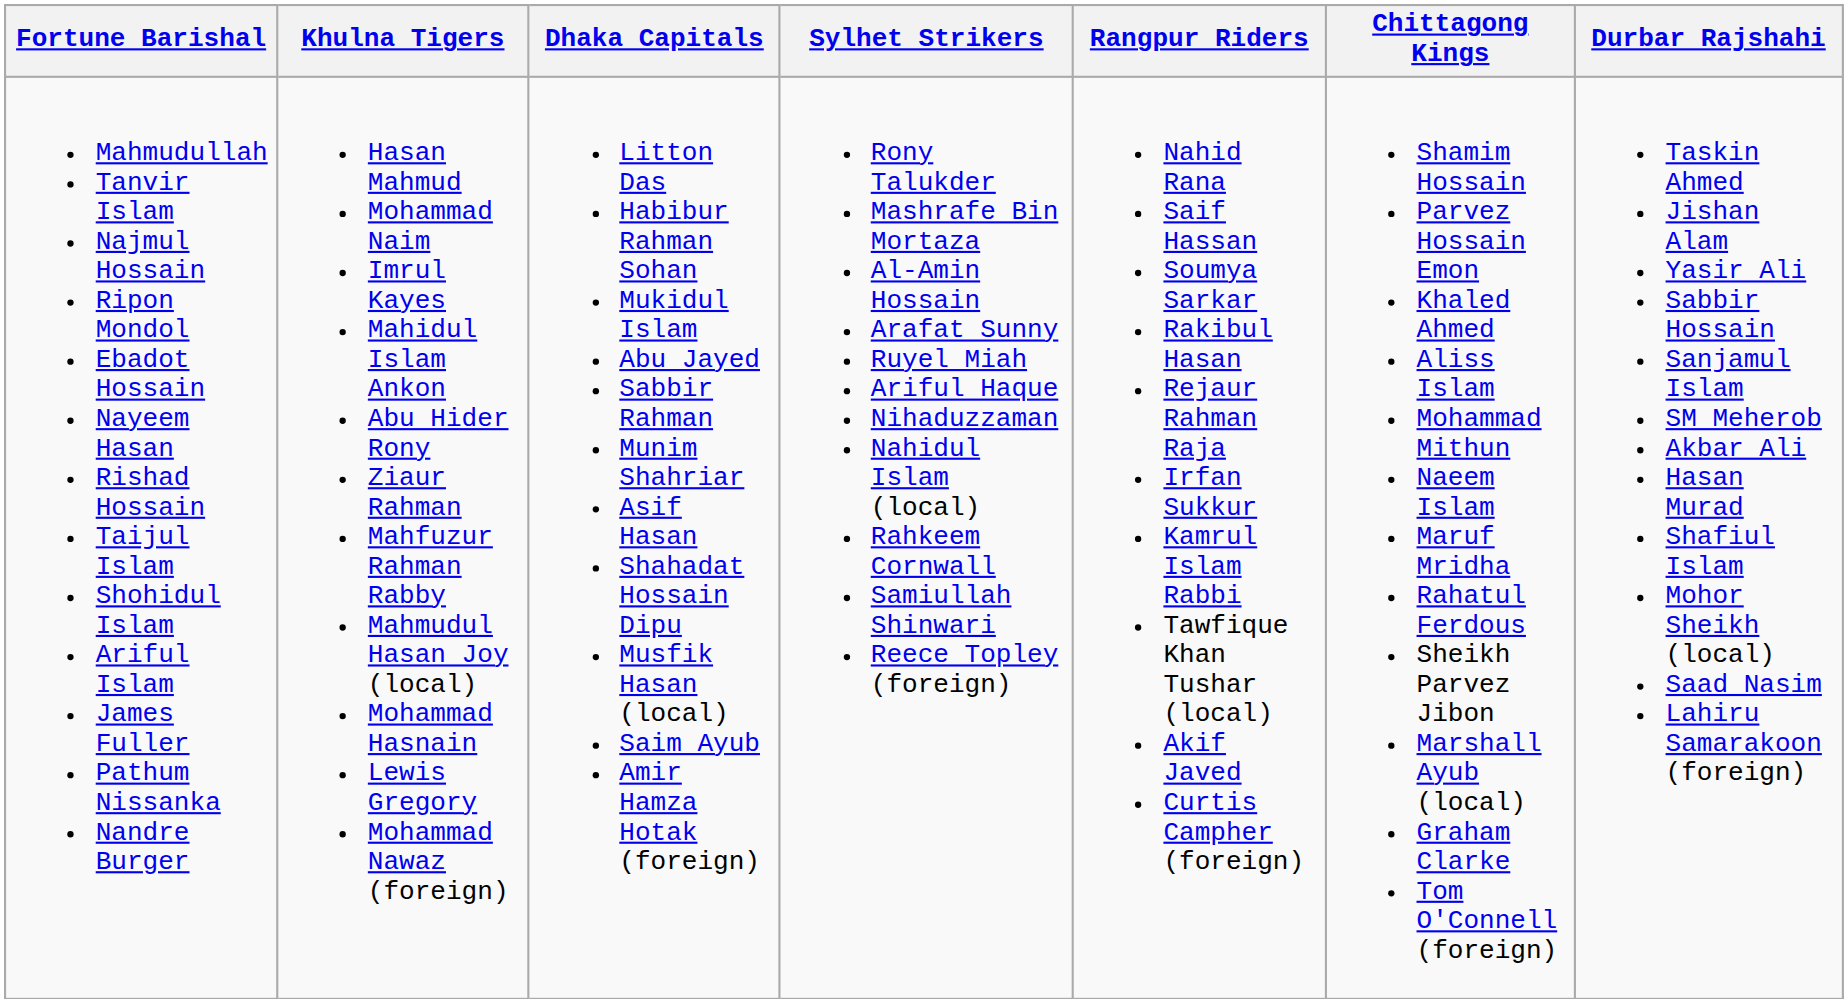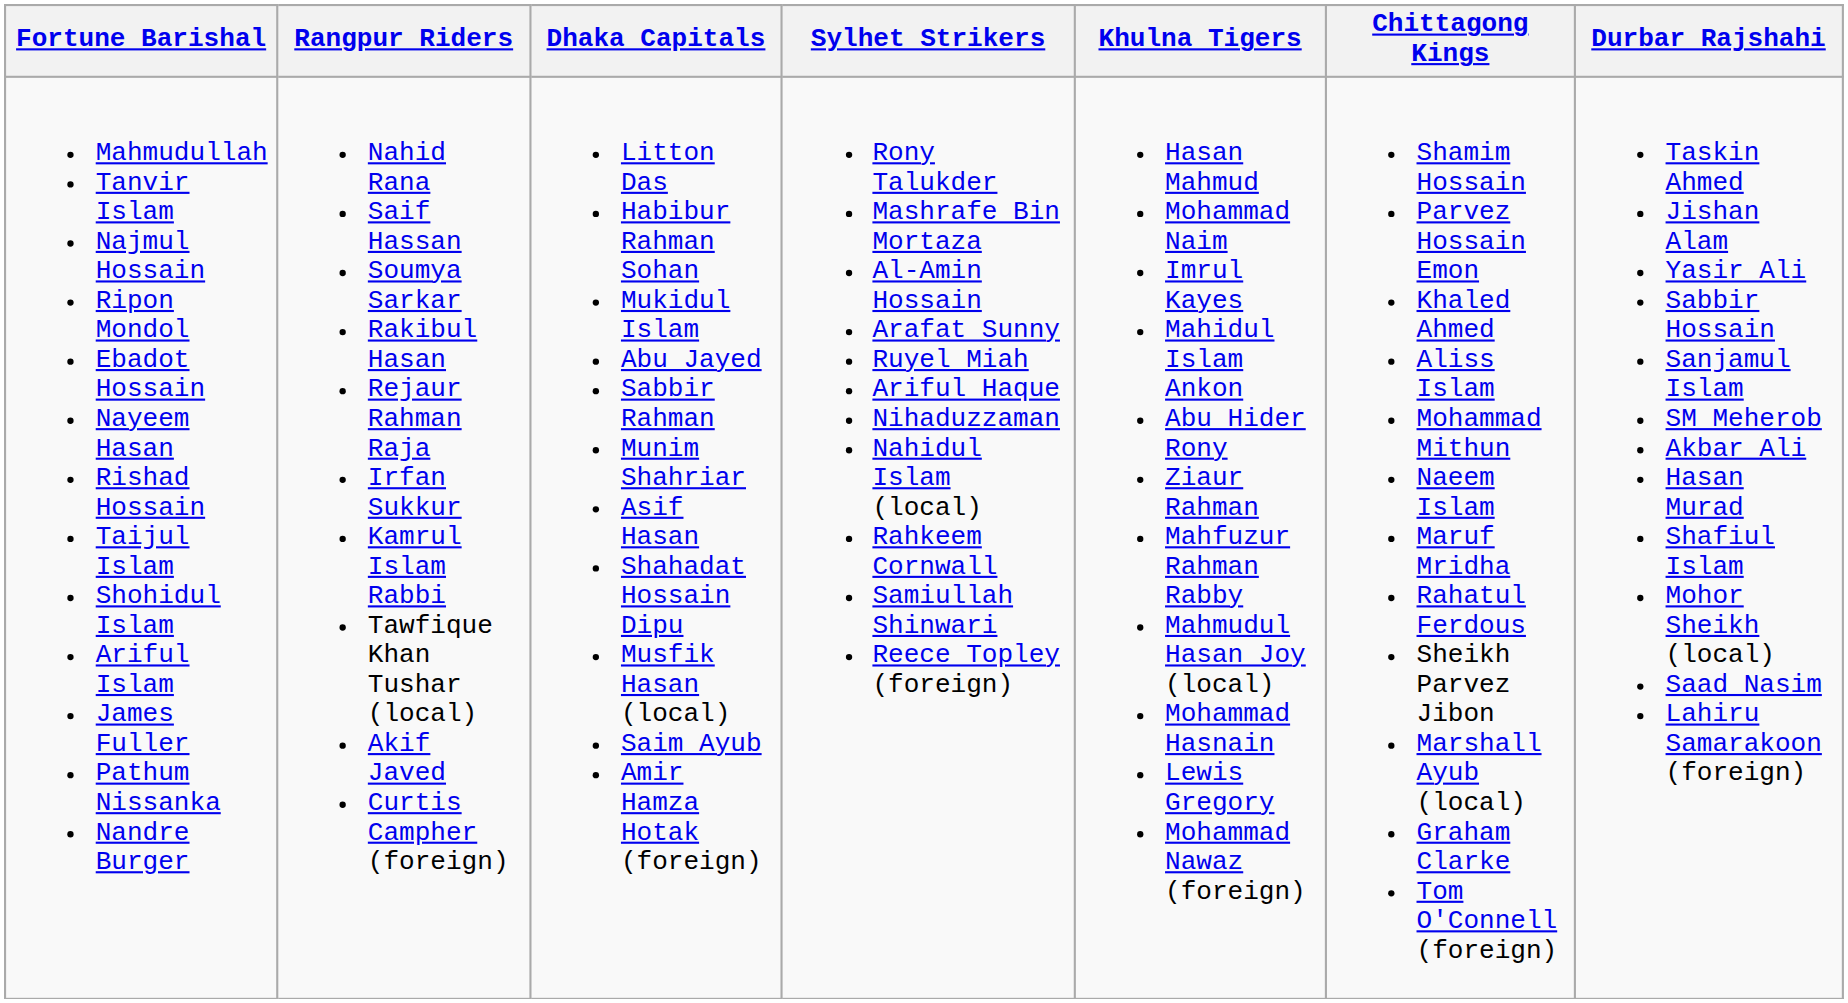 <table class="wikitable" Style="font-size:95%;">
 <tr>
 <th><a href='#'>Fortune Barishal</a></th>
-<th><a href='#'>Khulna Tigers</a></th>
+<th><a href='#'>Rangpur Riders</a></th>
 <th><a href='#'>Dhaka Capitals</a></th>
 <th><a href='#'>Sylhet Strikers</a></th>
-<th><a href='#'>Rangpur Riders</a></th>
+<th><a href='#'>Khulna Tigers</a></th>
 <th><a href='#'>Chittagong Kings</a></th>
 <th><a href='#'>Durbar Rajshahi</a></th>
 </tr>
 <tr>
 <td valign="top"><br><ul><li><a href='#'>Mahmudullah</a></li><li><a href='#'>Tanvir Islam</a></li><li><a href='#'>Najmul Hossain</a></li><li><a href='#'>Ripon Mondol</a></li><li><a href='#'>Ebadot Hossain</a></li><li><a href='#'>Nayeem Hasan</a></li><li><a href='#'>Rishad Hossain</a></li><li><a href='#'>Taijul Islam</a></li><li><a href='#'>Shohidul Islam</a></li><li><a href='#'>Ariful Islam</a></li><li><a href='#'>James Fuller</a></li><li><a href='#'>Pathum Nissanka</a></li><li><a href='#'>Nandre Burger</a></li></ul></td>
-<td valign="top"><br><ul><li><a href='#'>Hasan Mahmud</a></li><li><a href='#'>Mohammad Naim</a></li><li><a href='#'>Imrul Kayes</a></li><li><a href='#'>Mahidul Islam Ankon</a></li><li><a href='#'>Abu Hider Rony</a></li><li><a href='#'>Ziaur Rahman</a></li><li><a href='#'>Mahfuzur Rahman Rabby</a></li><li><a href='#'>Mahmudul Hasan Joy</a> (local)</li><li><a href='#'>Mohammad Hasnain</a></li><li><a href='#'>Lewis Gregory</a></li><li><a href='#'>Mohammad Nawaz</a> (foreign)</li></ul></td>
+<td valign="top"><br><ul><li><a href='#'>Nahid Rana</a></li><li><a href='#'>Saif Hassan</a></li><li><a href='#'>Soumya Sarkar</a></li><li><a href='#'>Rakibul Hasan</a></li><li><a href='#'>Rejaur Rahman Raja</a></li><li><a href='#'>Irfan Sukkur</a></li><li><a href='#'>Kamrul Islam Rabbi</a></li><li>Tawfique Khan Tushar (local)</li><li><a href='#'>Akif Javed</a></li><li><a href='#'>Curtis Campher</a> (foreign)</li></ul></td>
 <td valign="top"><br><ul><li><a href='#'>Litton Das</a></li><li><a href='#'>Habibur Rahman Sohan</a></li><li><a href='#'>Mukidul Islam</a></li><li><a href='#'>Abu Jayed</a></li><li><a href='#'>Sabbir Rahman</a></li><li><a href='#'>Munim Shahriar</a></li><li><a href='#'>Asif Hasan</a></li><li><a href='#'>Shahadat Hossain Dipu</a></li><li><a href='#'>Musfik Hasan</a> (local)</li><li><a href='#'>Saim Ayub</a></li><li><a href='#'>Amir Hamza Hotak</a> (foreign)</li></ul></td>
 <td valign="top"><br><ul><li><a href='#'>Rony Talukder</a></li><li><a href='#'>Mashrafe Bin Mortaza</a></li><li><a href='#'>Al-Amin Hossain</a></li><li><a href='#'>Arafat Sunny</a></li><li><a href='#'>Ruyel Miah</a></li><li><a href='#'>Ariful Haque</a></li><li><a href='#'>Nihaduzzaman</a></li><li><a href='#'>Nahidul Islam</a> (local)</li><li><a href='#'>Rahkeem Cornwall</a></li><li><a href='#'>Samiullah Shinwari</a></li><li><a href='#'>Reece Topley</a> (foreign)</li></ul></td>
-<td valign="top"><br><ul><li><a href='#'>Nahid Rana</a></li><li><a href='#'>Saif Hassan</a></li><li><a href='#'>Soumya Sarkar</a></li><li><a href='#'>Rakibul Hasan</a></li><li><a href='#'>Rejaur Rahman Raja</a></li><li><a href='#'>Irfan Sukkur</a></li><li><a href='#'>Kamrul Islam Rabbi</a></li><li>Tawfique Khan Tushar (local)</li><li><a href='#'>Akif Javed</a></li><li><a href='#'>Curtis Campher</a> (foreign)</li></ul></td>
+<td valign="top"><br><ul><li><a href='#'>Hasan Mahmud</a></li><li><a href='#'>Mohammad Naim</a></li><li><a href='#'>Imrul Kayes</a></li><li><a href='#'>Mahidul Islam Ankon</a></li><li><a href='#'>Abu Hider Rony</a></li><li><a href='#'>Ziaur Rahman</a></li><li><a href='#'>Mahfuzur Rahman Rabby</a></li><li><a href='#'>Mahmudul Hasan Joy</a> (local)</li><li><a href='#'>Mohammad Hasnain</a></li><li><a href='#'>Lewis Gregory</a></li><li><a href='#'>Mohammad Nawaz</a> (foreign)</li></ul></td>
 <td valign="top"><br><ul><li><a href='#'>Shamim Hossain</a></li><li><a href='#'>Parvez Hossain Emon</a></li><li><a href='#'>Khaled Ahmed</a></li><li><a href='#'>Aliss Islam</a></li><li><a href='#'>Mohammad Mithun</a></li><li><a href='#'>Naeem Islam</a></li><li><a href='#'>Maruf Mridha</a></li><li><a href='#'>Rahatul Ferdous</a></li><li>Sheikh Parvez Jibon</li><li><a href='#'>Marshall Ayub</a> (local)</li><li><a href='#'>Graham Clarke</a></li><li><a href='#'>Tom O'Connell</a> (foreign)</li></ul></td>
 <td valign="top"><br><ul><li><a href='#'>Taskin Ahmed</a></li><li><a href='#'>Jishan Alam</a></li><li><a href='#'>Yasir Ali</a></li><li><a href='#'>Sabbir Hossain</a></li><li><a href='#'>Sanjamul Islam</a></li><li><a href='#'>SM Meherob</a></li><li><a href='#'>Akbar Ali</a></li><li><a href='#'>Hasan Murad</a></li><li><a href='#'>Shafiul Islam</a></li><li><a href='#'>Mohor Sheikh</a> (local)</li><li><a href='#'>Saad Nasim</a></li><li><a href='#'>Lahiru Samarakoon</a> (foreign)</li></ul></td>
 </tr>
 </table>
